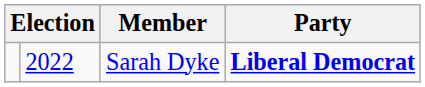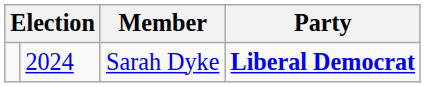 <table class="wikitable">
 <tr>
 <th colspan="2">Election</th>
 <th>Member</th>
 <th>Party</th>
 </tr>
 <tr>
 <td style="color:inherit;background-color: "></td>
-<td><a href='#'>2022</a></td>
+<td><a href='#'>2024</a></td>
 <td><a href='#'>Sarah Dyke</a></td>
 <td><strong><a href='#'>Liberal Democrat</a></strong></td>
 </tr>
 </table>
